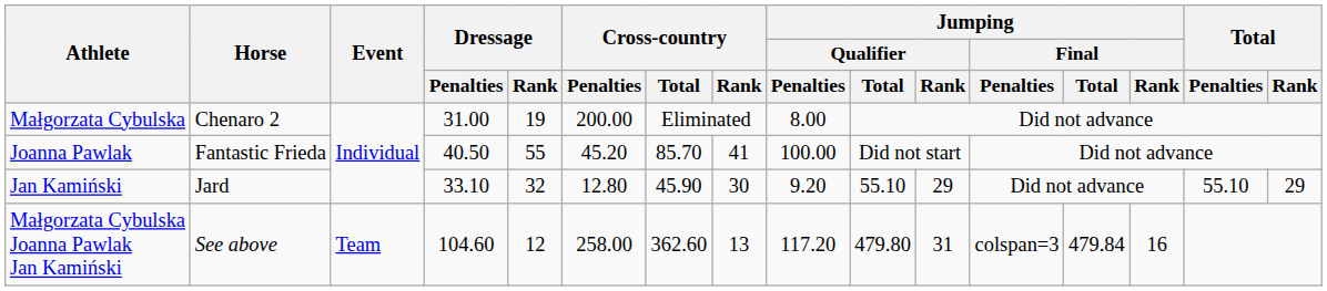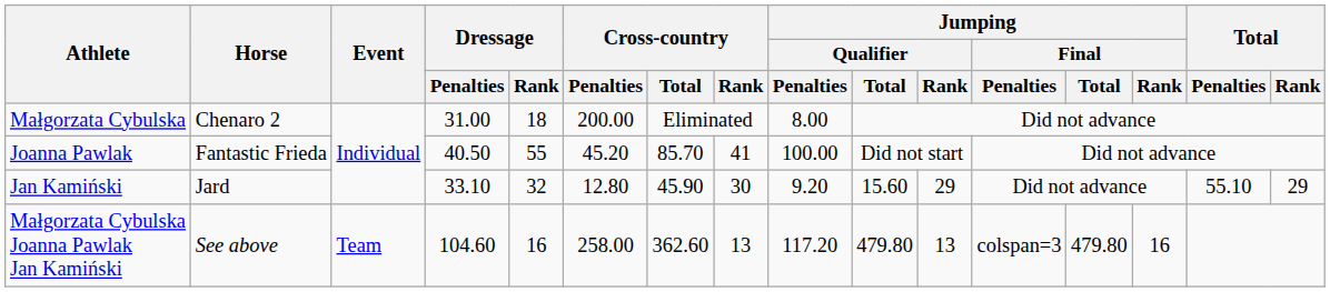 <table class="wikitable" style="text-align:center; font-size:90%">
 <tr>
 <th rowspan=3>Athlete</th>
 <th rowspan=3>Horse</th>
 <th rowspan=3>Event</th>
 <th colspan=2 rowspan=2>Dressage</th>
 <th colspan=3 rowspan=2>Cross-country</th>
 <th colspan=6>Jumping</th>
 <th colspan=2 rowspan=2>Total</th>
 </tr>
 <tr style="font-size:95%">
 <th colspan=3>Qualifier</th>
 <th colspan=3>Final</th>
 </tr>
 <tr style="font-size:95%">
 <th>Penalties</th>
 <th>Rank</th>
 <th>Penalties</th>
 <th>Total</th>
 <th>Rank</th>
 <th>Penalties</th>
 <th>Total</th>
 <th>Rank</th>
 <th>Penalties</th>
 <th>Total</th>
 <th>Rank</th>
 <th>Penalties</th>
 <th>Rank</th>
 </tr>
 <tr>
 <td align=left><a href='#'>Małgorzata Cybulska</a></td>
 <td align=left>Chenaro 2</td>
 <td rowspan=3 align=left><a href='#'>Individual</a></td>
 <td>31.00</td>
-<td>19</td>
+<td>18</td>
 <td>200.00</td>
 <td colspan=2>Eliminated</td>
 <td>8.00</td>
 <td colspan=7>Did not advance</td>
 </tr>
 <tr>
 <td align=left><a href='#'>Joanna Pawlak</a></td>
 <td align=left>Fantastic Frieda</td>
 <td>40.50</td>
 <td>55</td>
 <td>45.20</td>
 <td>85.70</td>
 <td>41</td>
 <td>100.00</td>
 <td colspan=2>Did not start</td>
 <td colspan=5>Did not advance</td>
 </tr>
 <tr>
 <td align=left><a href='#'>Jan Kamiński</a></td>
 <td align=left>Jard</td>
 <td>33.10</td>
 <td>32</td>
 <td>12.80</td>
 <td>45.90</td>
 <td>30</td>
 <td>9.20</td>
-<td>55.10</td>
+<td>15.60</td>
 <td>29</td>
 <td colspan=3>Did not advance</td>
 <td>55.10</td>
 <td>29</td>
 </tr>
 <tr>
 <td align=left><a href='#'>Małgorzata Cybulska</a><br><a href='#'>Joanna Pawlak</a><br><a href='#'>Jan Kamiński</a></td>
 <td align=left><em>See above</em></td>
 <td align=left><a href='#'>Team</a></td>
 <td>104.60</td>
-<td>12</td>
+<td>16</td>
 <td>258.00</td>
 <td>362.60</td>
 <td>13</td>
 <td>117.20</td>
 <td>479.80</td>
-<td>31</td>
+<td>13</td>
 <td>colspan=3 </td>
-<td>479.84</td>
+<td>479.80</td>
 <td>16</td>
 </tr>
 </table>
